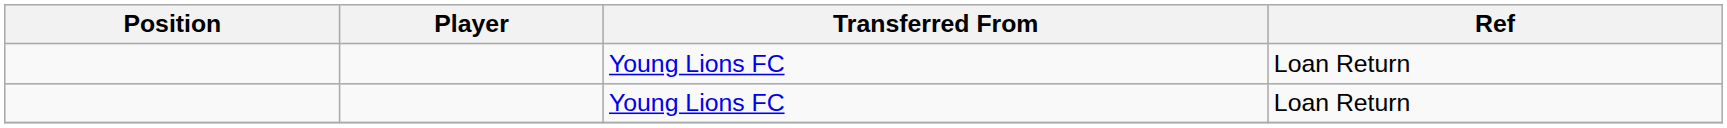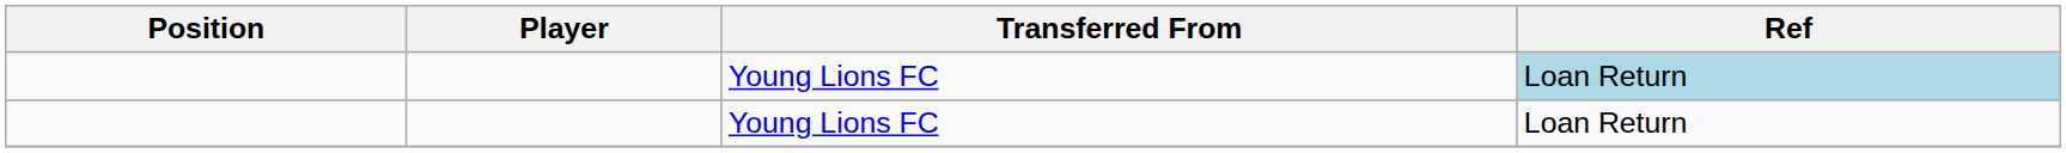 <table class="wikitable sortable" style="width:70%; text-align:center; font-size:100%; text-align:left;">
 <tr>
 <th>Position</th>
 <th>Player</th>
 <th>Transferred From</th>
 <th>Ref</th>
 </tr>
 <tr>
 <td></td>
 <td></td>
 <td> <a href='#'>Young Lions FC</a></td>
-<td>Loan Return</td>
+<td style="background: lightblue;">Loan Return</td>
 </tr>
 <tr>
 <td></td>
 <td></td>
 <td> <a href='#'>Young Lions FC</a></td>
 <td>Loan Return </td>
 </tr>
 <tr>
 </tr>
 </table>
